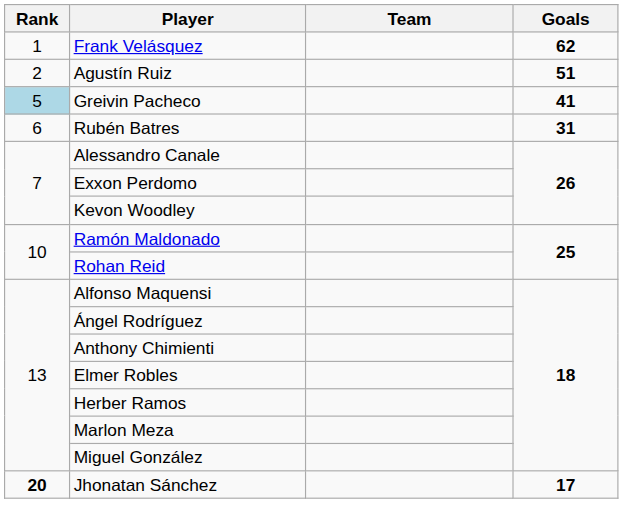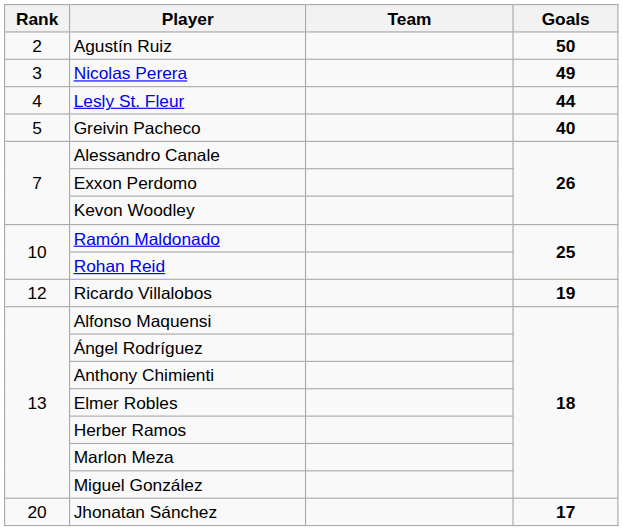 <table class="wikitable" style="text-align:center; font-size: 95%">
 <tr>
 <th width=50>Rank</th>
 <th width=200>Player</th>
 <th width=175>Team</th>
 <th width=85>Goals</th>
 </tr>
 <tr>
-<td>1</td>
-<td style="text-align:left"><a href='#'>Frank Velásquez</a></td>
-<td style="text-align:left"></td>
-<td><strong>62</strong></td>
-</tr>
-<tr>
 <td>2</td>
 <td style="text-align:left">Agustín Ruiz</td>
 <td style="text-align:left"></td>
-<td><strong>51</strong></td>
+<td><strong>50</strong></td>
 </tr>
 <tr>
-<td style="background: lightblue;">5</td>
+<td>3</td>
+<td style="text-align:left"><a href='#'>Nicolas Perera</a></td>
+<td style="text-align:left"></td>
+<td><strong>49</strong></td>
+</tr>
+<tr>
+<td>4</td>
+<td style="text-align:left"><a href='#'>Lesly St. Fleur</a></td>
+<td style="text-align:left"></td>
+<td><strong>44</strong></td>
+</tr>
+<tr>
+<td>5</td>
 <td style="text-align:left">Greivin Pacheco</td>
 <td style="text-align:left"></td>
-<td><strong>41</strong></td>
-</tr>
-<tr>
-<td>6</td>
-<td style="text-align:left">Rubén Batres</td>
-<td style="text-align:left"></td>
-<td><strong>31</strong></td>
+<td><strong>40</strong></td>
 </tr>
 <tr>
 <td rowspan=3>7</td>
 <td style="text-align:left">Alessandro Canale</td>
 <td style="text-align:left"></td>
 <td rowspan=3><strong>26</strong></td>
 </tr>
 <tr>
 <td style="text-align:left">Exxon Perdomo</td>
 <td style="text-align:left"></td>
 </tr>
 <tr>
 <td style="text-align:left">Kevon Woodley</td>
 <td style="text-align:left"></td>
 </tr>
 <tr>
 <td rowspan=2>10</td>
 <td style="text-align:left"><a href='#'>Ramón Maldonado</a></td>
 <td style="text-align:left"></td>
 <td rowspan=2><strong>25</strong></td>
 </tr>
 <tr>
 <td style="text-align:left"><a href='#'>Rohan Reid</a></td>
 <td style="text-align:left"></td>
+</tr>
+<tr>
+<td>12</td>
+<td style="text-align:left">Ricardo Villalobos</td>
+<td style="text-align:left"></td>
+<td><strong>19</strong></td>
 </tr>
 <tr>
 <td rowspan=7>13</td>
 <td style="text-align:left">Alfonso Maquensi</td>
 <td style="text-align:left"></td>
 <td rowspan=7><strong>18</strong></td>
 </tr>
 <tr>
 <td style="text-align:left">Ángel Rodríguez</td>
 <td style="text-align:left"></td>
 </tr>
 <tr>
 <td style="text-align:left">Anthony Chimienti</td>
 <td style="text-align:left"></td>
 </tr>
 <tr>
 <td style="text-align:left">Elmer Robles</td>
 <td style="text-align:left"></td>
 </tr>
 <tr>
 <td style="text-align:left">Herber Ramos</td>
 <td style="text-align:left"></td>
 </tr>
 <tr>
 <td style="text-align:left">Marlon Meza</td>
 <td style="text-align:left"></td>
 </tr>
 <tr>
 <td style="text-align:left">Miguel González</td>
 <td style="text-align:left"></td>
 </tr>
 <tr>
-<td><strong>20</strong></td>
+<td>20</td>
 <td style="text-align:left">Jhonatan Sánchez</td>
 <td style="text-align:left"></td>
 <td rowspan=3><strong>17</strong></td>
 </tr>
 </table>
